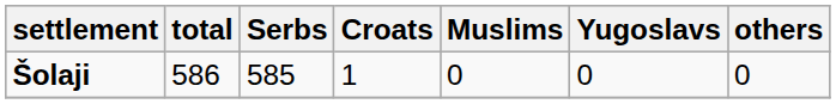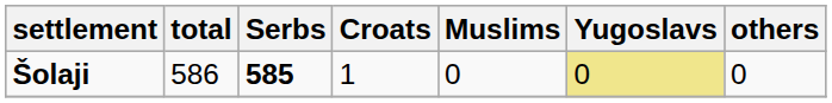 <table class="wikitable" style="font-size:95%;">
 <tr>
 <th>settlement</th>
 <th>total</th>
 <th>Serbs</th>
 <th>Croats</th>
 <th>Muslims</th>
 <th>Yugoslavs</th>
 <th>others</th>
 </tr>
 <tr>
 <td rowspan="1"><strong>Šolaji</strong></td>
 <td>586</td>
-<td>585</td>
+<td><strong>585</strong></td>
 <td>1</td>
 <td>0</td>
-<td>0</td>
+<td style="background: khaki;">0</td>
 <td>0</td>
 </tr>
 <tr>
 </tr>
 </table>
